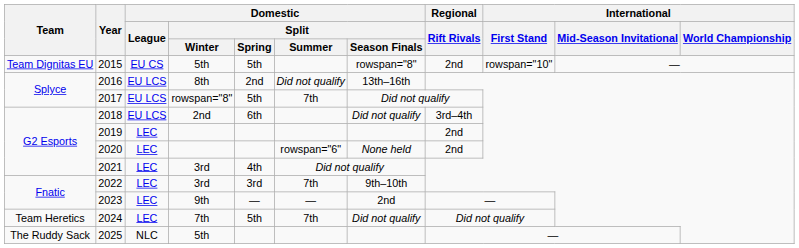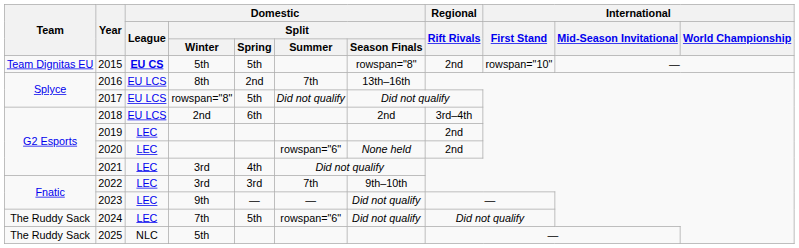 <table class="wikitable" style="font-size:90%; text-align:center;">
 <tr style="background:#f0f6ff;">
 <th rowspan=3>Team</th>
 <th rowspan=3>Year</th>
 <th colspan=5>Domestic</th>
 <th>Regional</th>
 <th colspan=3>International</th>
 </tr>
 <tr>
 <th rowspan=2>League</th>
 <th colspan=4>Split</th>
 <th rowspan=2><a href='#'>Rift Rivals</a></th>
 <th rowspan=2><a href='#'>First Stand</a></th>
 <th rowspan=2><a href='#'>Mid-Season Invitational</a></th>
 <th rowspan=2><a href='#'>World Championship</a></th>
 </tr>
 <tr>
 <th>Winter</th>
 <th>Spring</th>
 <th>Summer</th>
 <th>Season Finals</th>
 </tr>
 <tr>
 <td><a href='#'>Team Dignitas EU</a></td>
 <td>2015</td>
-<td><a href='#'>EU CS</a></td>
+<td><strong><a href='#'>EU CS</a></strong></td>
 <td>5th</td>
 <td>5th</td>
 <td></td>
 <td>rowspan="8" </td>
 <td>2nd</td>
 <td>rowspan="10" </td>
 <td colspan="2">—</td>
 </tr>
 <tr>
 <td rowspan="2"><a href='#'>Splyce</a></td>
 <td>2016</td>
 <td><a href='#'>EU LCS</a></td>
 <td>8th</td>
 <td>2nd</td>
-<td><em>Did not qualify</em></td>
+<td>7th</td>
 <td>13th–16th</td>
 </tr>
 <tr>
 <td>2017</td>
 <td><a href='#'>EU LCS</a></td>
 <td>rowspan="8" </td>
 <td>5th</td>
-<td>7th</td>
+<td><em>Did not qualify</em></td>
 <td colspan="2"><em>Did not qualify</em></td>
 </tr>
 <tr>
 <td rowspan="4"><a href='#'>G2 Esports</a></td>
 <td>2018</td>
 <td><a href='#'>EU LCS</a></td>
 <td>2nd</td>
 <td>6th</td>
 <td></td>
-<td><em>Did not qualify</em></td>
+<td>2nd</td>
 <td>3rd–4th</td>
 </tr>
 <tr>
 <td>2019</td>
 <td><a href='#'>LEC</a></td>
 <td></td>
 <td></td>
 <td></td>
 <td></td>
 <td>2nd</td>
 </tr>
 <tr>
 <td>2020</td>
 <td><a href='#'>LEC</a></td>
 <td></td>
 <td></td>
 <td>rowspan="6" </td>
 <td><em>None held</em></td>
 <td>2nd</td>
 </tr>
 <tr>
 <td>2021</td>
 <td><a href='#'>LEC</a></td>
 <td>3rd</td>
 <td>4th</td>
 <td colspan="2"><em>Did not qualify</em></td>
 </tr>
 <tr>
 <td rowspan="2"><a href='#'>Fnatic</a></td>
 <td>2022</td>
 <td><a href='#'>LEC</a></td>
 <td>3rd</td>
 <td>3rd</td>
 <td>7th</td>
 <td>9th–10th</td>
 </tr>
 <tr>
 <td>2023</td>
 <td><a href='#'>LEC</a></td>
 <td>9th</td>
 <td>—</td>
 <td>—</td>
-<td>2nd</td>
+<td><em>Did not qualify</em></td>
 <td colspan="2">—</td>
 </tr>
 <tr>
-<td>Team Heretics</td>
+<td>The Ruddy Sack</td>
 <td>2024</td>
 <td><a href='#'>LEC</a></td>
 <td>7th</td>
 <td>5th</td>
-<td>7th</td>
+<td>rowspan="6" </td>
 <td><em>Did not qualify</em></td>
 <td colspan="2"><em>Did not qualify</em></td>
 </tr>
 <tr>
 <td>The Ruddy Sack</td>
 <td>2025</td>
 <td>NLC</td>
 <td>5th</td>
 <td></td>
 <td></td>
 <td></td>
 <td colspan="3">—</td>
 </tr>
 </table>
